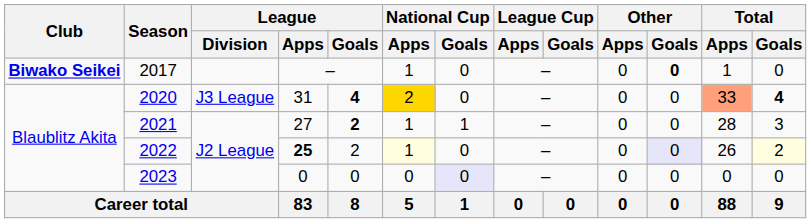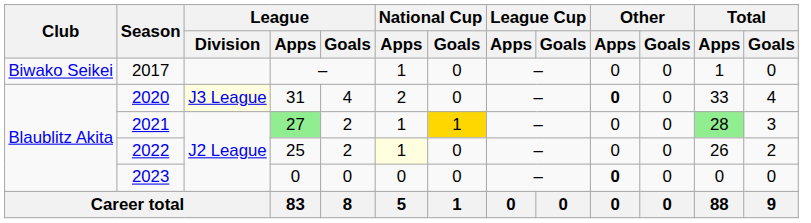 <table class="wikitable" style="text-align: center">
 <tr>
 <th rowspan="2">Club</th>
 <th rowspan="2">Season</th>
 <th colspan="3">League</th>
 <th colspan="2">National Cup</th>
 <th colspan="2">League Cup</th>
 <th colspan="2">Other</th>
 <th colspan="2">Total</th>
 </tr>
 <tr>
 <th>Division</th>
 <th>Apps</th>
 <th>Goals</th>
 <th>Apps</th>
 <th>Goals</th>
 <th>Apps</th>
 <th>Goals</th>
 <th>Apps</th>
 <th>Goals</th>
 <th>Apps</th>
 <th>Goals</th>
 </tr>
 <tr>
-<td rowspan="1"><strong><a href='#'>Biwako Seikei</a></strong></td>
+<td rowspan="1"><a href='#'>Biwako Seikei</a></td>
 <td>2017</td>
 <td></td>
 <td colspan="2">–</td>
 <td>1</td>
 <td>0</td>
 <td colspan="2">–</td>
 <td>0</td>
-<td><strong>0</strong></td>
+<td>0</td>
 <td>1</td>
 <td>0</td>
 </tr>
 <tr>
 <td rowspan="4"><a href='#'>Blaublitz Akita</a></td>
 <td><a href='#'>2020</a></td>
-<td><a href='#'>J3 League</a></td>
+<td style="background: lightyellow;"><a href='#'>J3 League</a></td>
 <td>31</td>
-<td><strong>4</strong></td>
-<td style="background: gold;">2</td>
+<td>4</td>
+<td>2</td>
 <td>0</td>
 <td colspan="2">–</td>
+<td><strong>0</strong></td>
 <td>0</td>
-<td>0</td>
-<td style="background: lightsalmon;">33</td>
-<td><strong>4</strong></td>
+<td>33</td>
+<td>4</td>
 </tr>
 <tr>
 <td><a href='#'>2021</a></td>
 <td rowspan=3><a href='#'>J2 League</a></td>
-<td>27</td>
-<td><strong>2</strong></td>
+<td style="background: lightgreen;">27</td>
+<td>2</td>
 <td>1</td>
-<td>1</td>
+<td style="background: gold;">1</td>
 <td colspan="2">–</td>
 <td>0</td>
 <td>0</td>
-<td>28</td>
+<td style="background: lightgreen;">28</td>
 <td>3</td>
 </tr>
 <tr>
 <td><a href='#'>2022</a></td>
-<td><strong>25</strong></td>
+<td>25</td>
 <td>2</td>
 <td style="background: lightyellow;">1</td>
 <td>0</td>
 <td colspan="2">–</td>
 <td>0</td>
-<td style="background: lavender;">0</td>
+<td>0</td>
 <td>26</td>
-<td style="background: lightyellow;">2</td>
+<td>2</td>
 </tr>
 <tr>
 <td><a href='#'>2023</a></td>
 <td>0</td>
 <td>0</td>
 <td>0</td>
-<td style="background: lavender;">0</td>
+<td>0</td>
 <td colspan="2">–</td>
-<td>0</td>
+<td><strong>0</strong></td>
 <td>0</td>
 <td>0</td>
 <td>0</td>
 </tr>
 <tr>
 <th colspan=3>Career total</th>
 <th>83</th>
 <th>8</th>
 <th>5</th>
 <th>1</th>
 <th>0</th>
 <th>0</th>
 <th>0</th>
 <th>0</th>
 <th>88</th>
 <th>9</th>
 </tr>
 </table>
